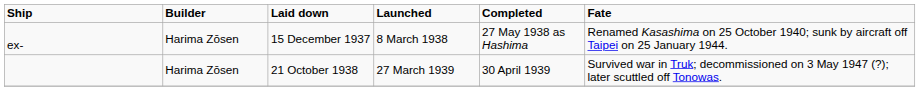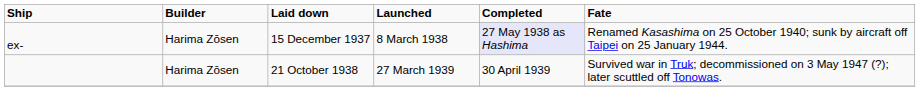 <table class="wikitable">
 <tr>
 <td width="12%"><strong>Ship</strong></td>
 <td width="8%"><strong>Builder</strong></td>
 <td width="8%" bgcolor=><strong>Laid down</strong></td>
 <td width="8%" bgcolor=><strong>Launched</strong></td>
 <td width="8%" bgcolor=><strong>Completed</strong></td>
 <td width="25%" bgcolor=><strong>Fate</strong></td>
 </tr>
 <tr>
 <td><br>ex-</td>
 <td>Harima Zōsen</td>
 <td>15 December 1937</td>
 <td>8 March 1938</td>
-<td>27 May 1938 as <em>Hashima</em></td>
+<td style="background: lavender;">27 May 1938 as <em>Hashima</em></td>
 <td>Renamed <em>Kasashima</em> on 25 October 1940; sunk by aircraft off <a href='#'>Taipei</a>  on 25 January 1944.</td>
 </tr>
 <tr>
 <td></td>
 <td>Harima Zōsen</td>
 <td>21 October 1938</td>
 <td>27 March 1939</td>
 <td>30 April 1939</td>
 <td>Survived war in <a href='#'>Truk</a>; decommissioned on 3 May 1947 (?); later scuttled off <a href='#'>Tonowas</a>.</td>
 </tr>
 <tr>
 </tr>
 </table>
